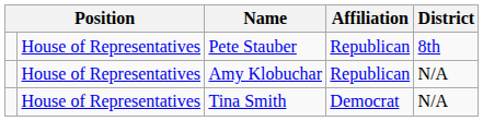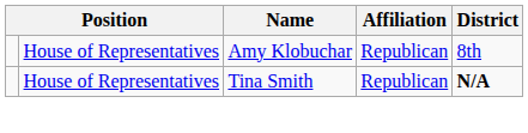 <table class="wikitable">
 <tr>
 <th colspan="2">Position</th>
 <th>Name</th>
 <th>Affiliation</th>
 <th>District</th>
 </tr>
 <tr>
 <td style="background-color:"> </td>
 <td><a href='#'>House of Representatives</a></td>
-<td><a href='#'>Pete Stauber</a></td>
+<td><a href='#'>Amy Klobuchar</a></td>
 <td><a href='#'>Republican</a></td>
 <td><a href='#'>8th</a></td>
 </tr>
 <tr>
 <td style="background-color:"> </td>
 <td><a href='#'>House of Representatives</a></td>
-<td><a href='#'>Amy Klobuchar</a></td>
+<td><a href='#'>Tina Smith</a></td>
 <td><a href='#'>Republican</a></td>
-<td>N/A</td>
-</tr>
-<tr>
-<td style="background-color:"> </td>
-<td><a href='#'>House of Representatives</a></td>
-<td><a href='#'>Tina Smith</a></td>
-<td><a href='#'>Democrat</a></td>
-<td>N/A</td>
+<td><strong>N/A</strong></td>
 </tr>
 </table>
